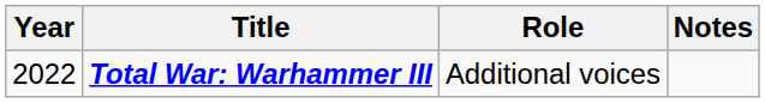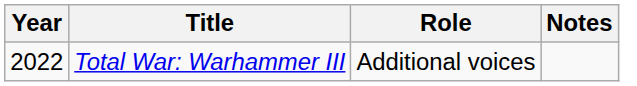 <table class="wikitable">
 <tr>
 <th>Year</th>
 <th>Title</th>
 <th>Role</th>
 <th>Notes</th>
 </tr>
 <tr>
 <td>2022</td>
-<td><strong><em><a href='#'>Total War: Warhammer III</a></em></strong></td>
+<td><em><a href='#'>Total War: Warhammer III</a></em></td>
 <td>Additional voices</td>
 <td></td>
 </tr>
 </table>
